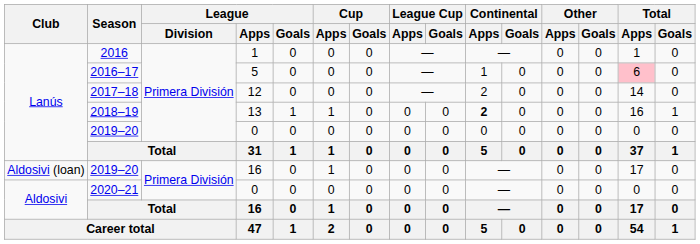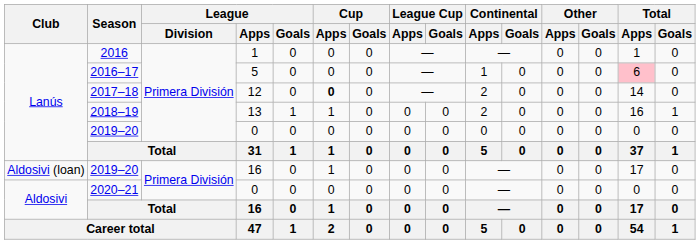 <table class="wikitable" style="text-align:center">
 <tr>
 <th rowspan="2">Club</th>
 <th rowspan="2">Season</th>
 <th colspan="3">League</th>
 <th colspan="2">Cup</th>
 <th colspan="2">League Cup</th>
 <th colspan="2">Continental</th>
 <th colspan="2">Other</th>
 <th colspan="2">Total</th>
 </tr>
 <tr>
 <th>Division</th>
 <th>Apps</th>
 <th>Goals</th>
 <th>Apps</th>
 <th>Goals</th>
 <th>Apps</th>
 <th>Goals</th>
 <th>Apps</th>
 <th>Goals</th>
 <th>Apps</th>
 <th>Goals</th>
 <th>Apps</th>
 <th>Goals</th>
 </tr>
 <tr>
 <td rowspan="6"><a href='#'>Lanús</a></td>
 <td><a href='#'>2016</a></td>
 <td rowspan="5"><a href='#'>Primera División</a></td>
 <td>1</td>
 <td>0</td>
 <td>0</td>
 <td>0</td>
 <td colspan="2">—</td>
 <td colspan="2">—</td>
 <td>0</td>
 <td>0</td>
 <td>1</td>
 <td>0</td>
 </tr>
 <tr>
 <td><a href='#'>2016–17</a></td>
 <td>5</td>
 <td>0</td>
 <td>0</td>
 <td>0</td>
 <td colspan="2">—</td>
 <td>1</td>
 <td>0</td>
 <td>0</td>
 <td>0</td>
 <td style="background: pink;">6</td>
 <td>0</td>
 </tr>
 <tr>
 <td><a href='#'>2017–18</a></td>
 <td>12</td>
 <td>0</td>
-<td>0</td>
+<td><strong>0</strong></td>
 <td>0</td>
 <td colspan="2">—</td>
 <td>2</td>
 <td>0</td>
 <td>0</td>
 <td>0</td>
 <td>14</td>
 <td>0</td>
 </tr>
 <tr>
 <td><a href='#'>2018–19</a></td>
 <td>13</td>
 <td>1</td>
 <td>1</td>
 <td>0</td>
 <td>0</td>
 <td>0</td>
-<td><strong>2</strong></td>
+<td>2</td>
 <td>0</td>
 <td>0</td>
 <td>0</td>
 <td>16</td>
 <td>1</td>
 </tr>
 <tr>
 <td><a href='#'>2019–20</a></td>
 <td>0</td>
 <td>0</td>
 <td>0</td>
 <td>0</td>
 <td>0</td>
 <td>0</td>
 <td>0</td>
 <td>0</td>
 <td>0</td>
 <td>0</td>
 <td>0</td>
 <td>0</td>
 </tr>
 <tr>
 <th colspan="2">Total</th>
 <th>31</th>
 <th>1</th>
 <th>1</th>
 <th>0</th>
 <th>0</th>
 <th>0</th>
 <th>5</th>
 <th>0</th>
 <th>0</th>
 <th>0</th>
 <th>37</th>
 <th>1</th>
 </tr>
 <tr>
 <td rowspan="1"><a href='#'>Aldosivi</a> (loan)</td>
 <td><a href='#'>2019–20</a></td>
 <td rowspan="2"><a href='#'>Primera División</a></td>
 <td>16</td>
 <td>0</td>
 <td>1</td>
 <td>0</td>
 <td>0</td>
 <td>0</td>
 <td colspan="2">—</td>
 <td>0</td>
 <td>0</td>
 <td>17</td>
 <td>0</td>
 </tr>
 <tr>
 <td rowspan="2"><a href='#'>Aldosivi</a></td>
 <td><a href='#'>2020–21</a></td>
 <td>0</td>
 <td>0</td>
 <td>0</td>
 <td>0</td>
 <td>0</td>
 <td>0</td>
 <td colspan="2">—</td>
 <td>0</td>
 <td>0</td>
 <td>0</td>
 <td>0</td>
 </tr>
 <tr>
 <th colspan="2">Total</th>
 <th>16</th>
 <th>0</th>
 <th>1</th>
 <th>0</th>
 <th>0</th>
 <th>0</th>
 <th colspan="2">—</th>
 <th>0</th>
 <th>0</th>
 <th>17</th>
 <th>0</th>
 </tr>
 <tr>
 <th colspan="3">Career total</th>
 <th>47</th>
 <th>1</th>
 <th>2</th>
 <th>0</th>
 <th>0</th>
 <th>0</th>
 <th>5</th>
 <th>0</th>
 <th>0</th>
 <th>0</th>
 <th>54</th>
 <th>1</th>
 </tr>
 </table>
